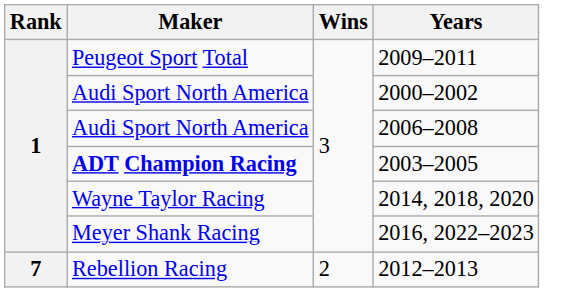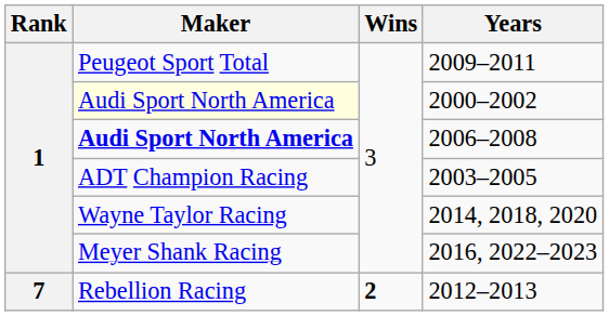 <table class="wikitable">
 <tr>
 <th>Rank</th>
 <th>Maker</th>
 <th>Wins</th>
 <th>Years</th>
 </tr>
 <tr>
 <th rowspan="6">1</th>
 <td> <a href='#'>Peugeot Sport</a> <a href='#'>Total</a></td>
 <td rowspan="6">3</td>
 <td>2009–2011</td>
 </tr>
 <tr>
-<td> <a href='#'>Audi Sport North America</a></td>
+<td style="background: lightyellow;"> <a href='#'>Audi Sport North America</a></td>
 <td>2000–2002</td>
 </tr>
 <tr>
-<td> <a href='#'>Audi Sport North America</a></td>
+<td><strong> <a href='#'>Audi Sport North America</a></strong></td>
 <td>2006–2008</td>
 </tr>
 <tr>
-<td><strong> <a href='#'>ADT</a> <a href='#'>Champion Racing</a></strong></td>
+<td> <a href='#'>ADT</a> <a href='#'>Champion Racing</a></td>
 <td>2003–2005</td>
 </tr>
 <tr>
 <td> <a href='#'>Wayne Taylor Racing</a></td>
 <td>2014, 2018, 2020</td>
 </tr>
 <tr>
 <td> <a href='#'>Meyer Shank Racing</a></td>
 <td>2016, 2022–2023</td>
 </tr>
 <tr>
 <th>7</th>
 <td> <a href='#'>Rebellion Racing</a></td>
-<td>2</td>
+<td><strong>2</strong></td>
 <td>2012–2013</td>
 </tr>
 </table>
